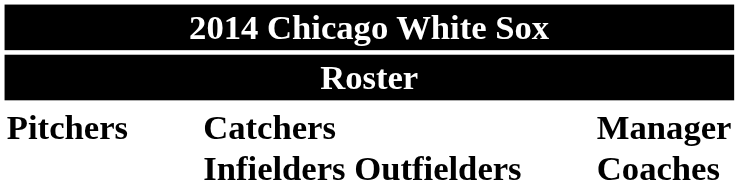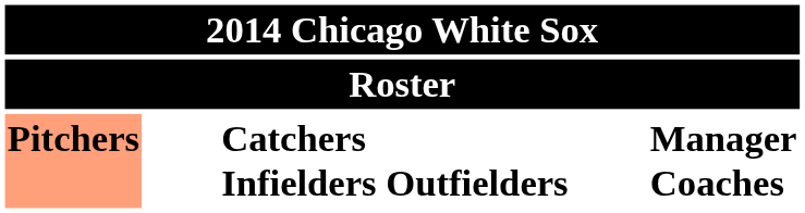 <table class="toccolours" style="font-size: 95%;">
 <tr>
 <th colspan="10" style="background:black; color:#fff; text-align:center;">2014 Chicago White Sox</th>
 </tr>
 <tr>
 <td colspan="10" style="background:black; color:white; text-align:center;"><strong>Roster</strong></td>
 </tr>
 <tr>
-<td valign="top"><strong>Pitchers</strong><br>                       </td>
+<td valign="top" style="background: lightsalmon;"><strong>Pitchers</strong><br>                       </td>
 <td style="width:25px;"></td>
 <td valign="top"><strong>Catchers</strong><br>   <strong>Infielders</strong>           <strong>Outfielders</strong>       </td>
 <td style="width:25px;"></td>
 <td valign="top"><strong>Manager</strong><br> <strong>Coaches</strong>                  </td>
 </tr>
 </table>
